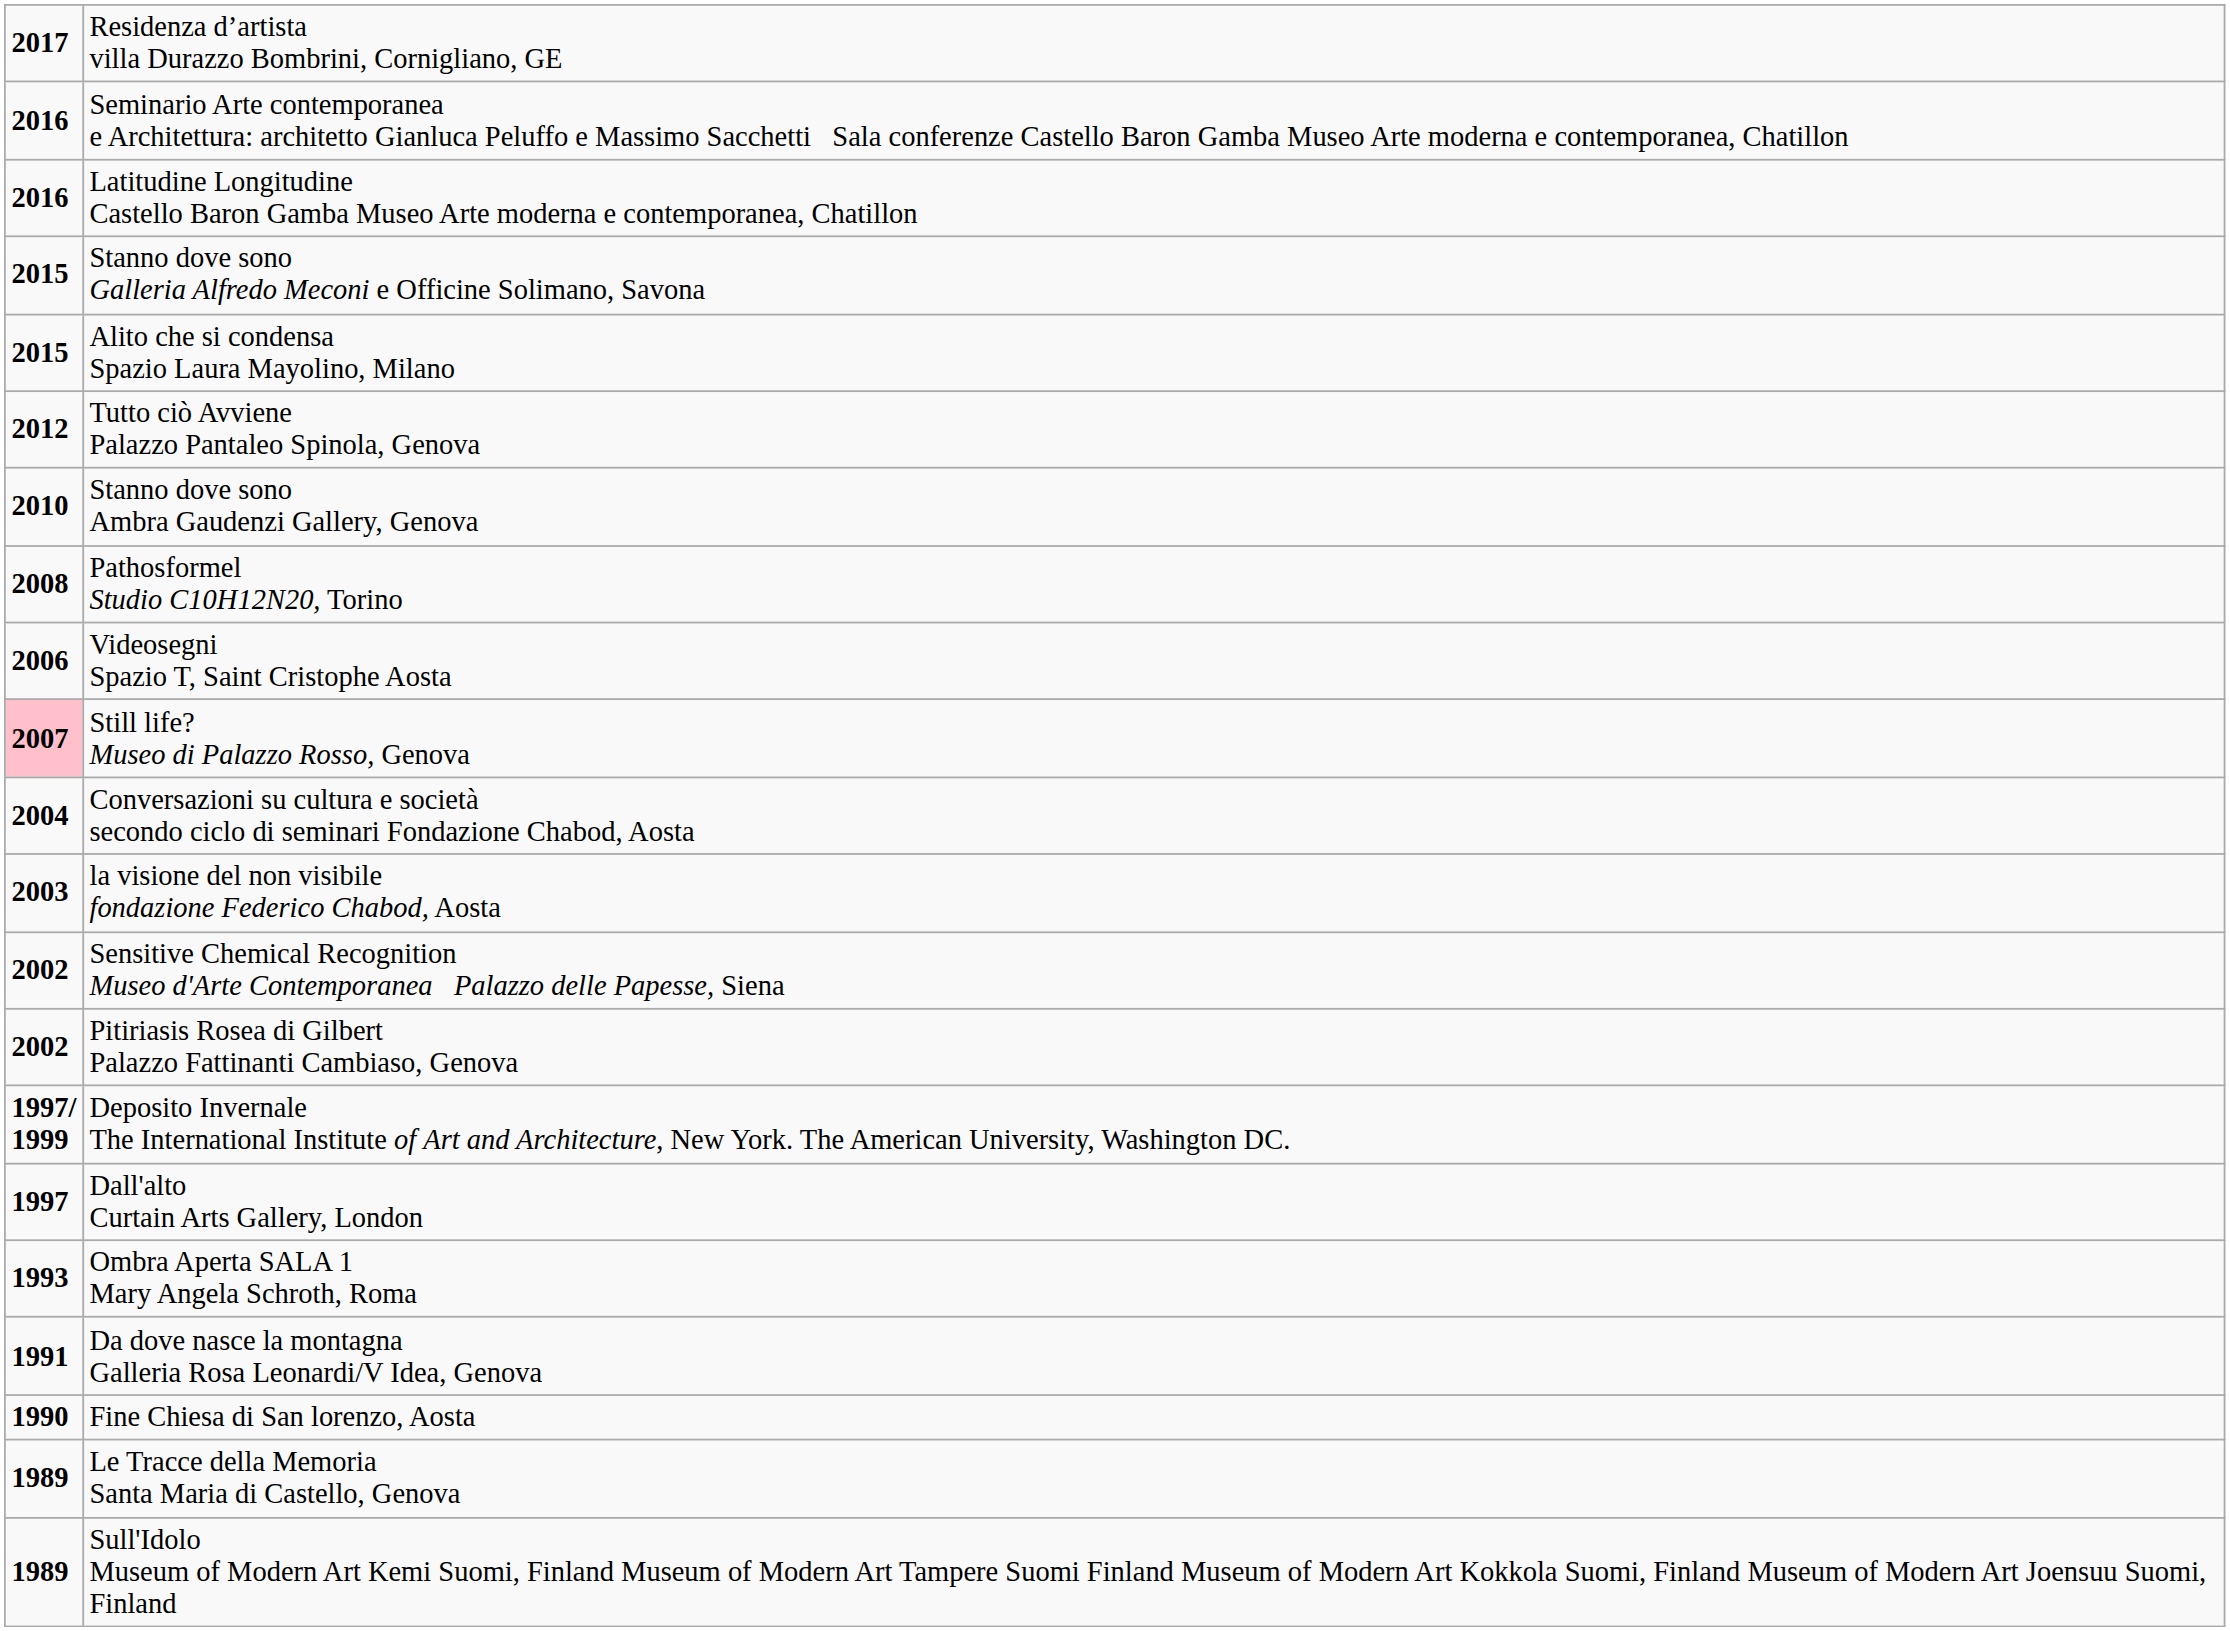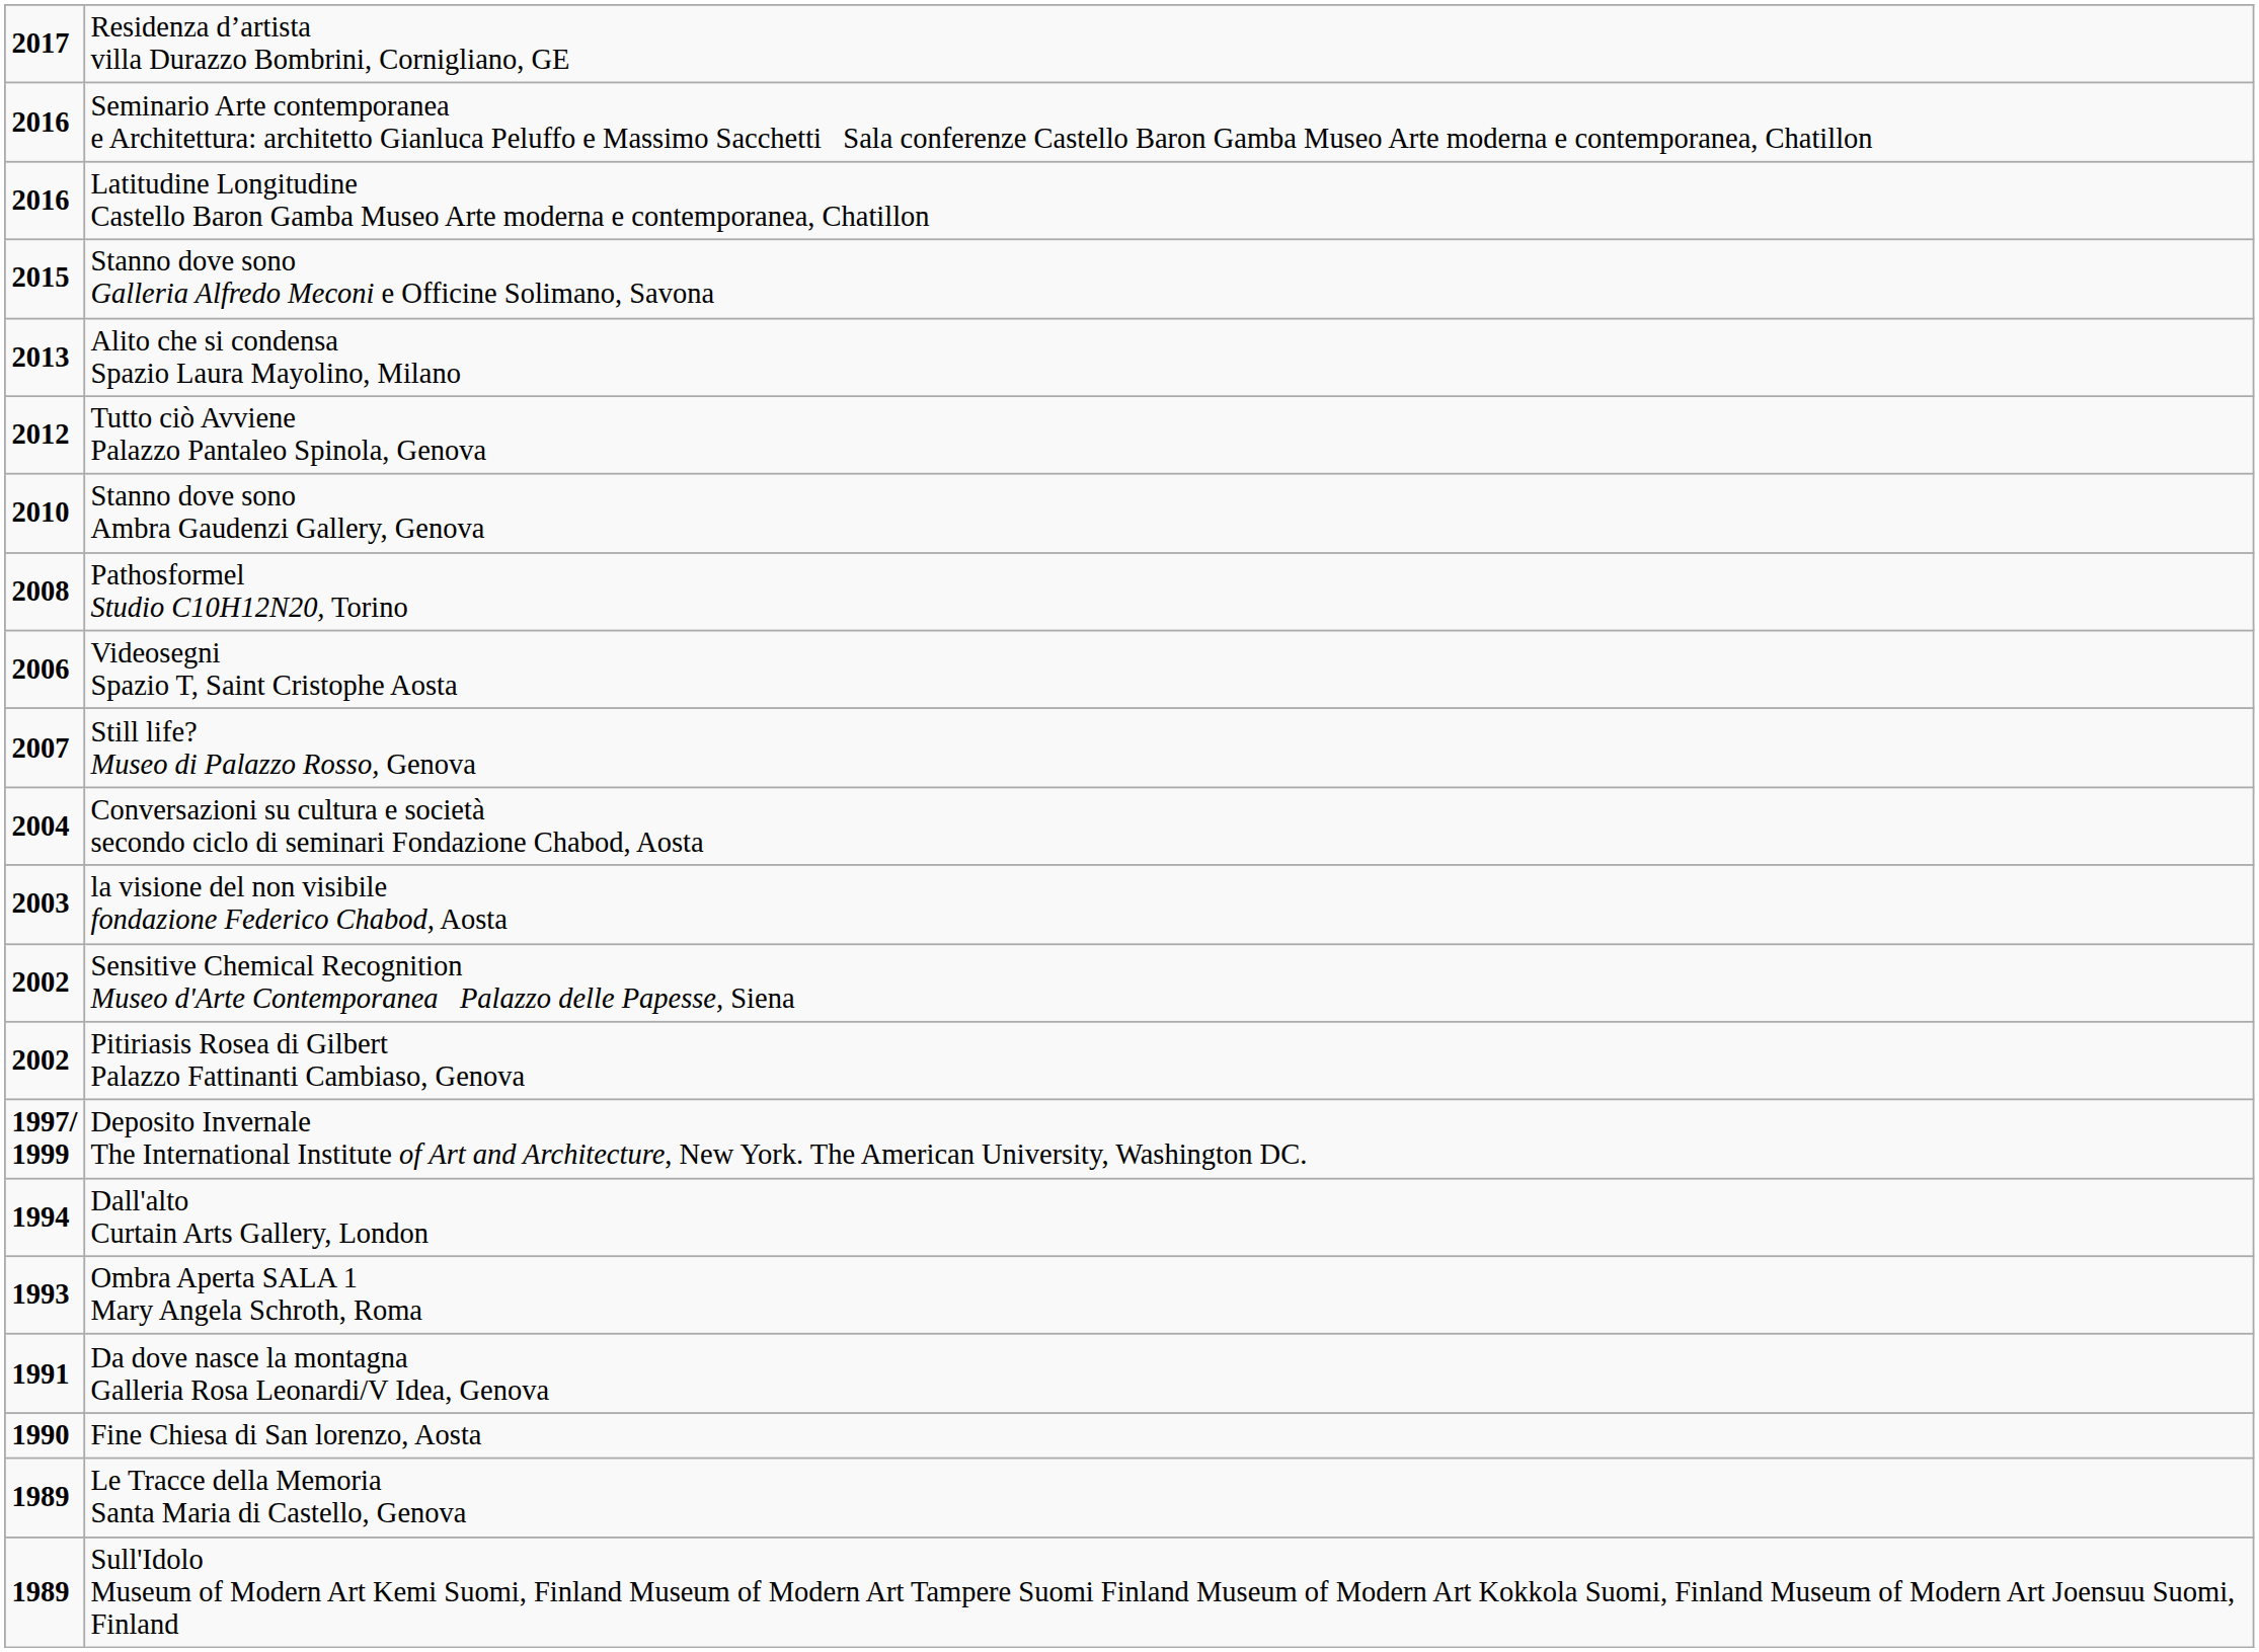 <table class="wikitable">
 <tr>
 <td><strong>2017</strong></td>
 <td>Residenza d’artista<br>villa Durazzo Bombrini, Cornigliano, GE</td>
 </tr>
 <tr>
 <td><strong>2016</strong></td>
 <td>Seminario Arte contemporanea<br>e Architettura: architetto Gianluca Peluffo  e Massimo Sacchetti   Sala conferenze Castello Baron Gamba  Museo Arte moderna e contemporanea,  Chatillon</td>
 </tr>
 <tr>
 <td><strong>2016</strong></td>
 <td>Latitudine Longitudine<br>Castello Baron Gamba  Museo Arte moderna e contemporanea,  Chatillon</td>
 </tr>
 <tr>
 <td><strong>2015</strong></td>
 <td>Stanno dove sono<br><em>Galleria Alfredo Meconi</em>  e Officine Solimano, Savona <br></td>
 </tr>
 <tr>
-<td><strong>2015</strong></td>
+<td><strong>2013</strong></td>
 <td>Alito che si condensa<br>Spazio Laura Mayolino, Milano</td>
 </tr>
 <tr>
 <td><strong>2012</strong></td>
 <td>Tutto ciò Avviene  <br>Palazzo Pantaleo Spinola, Genova</td>
 </tr>
 <tr>
 <td><strong>2010</strong></td>
 <td>Stanno dove sono<br>Ambra Gaudenzi Gallery, Genova</td>
 </tr>
 <tr>
 <td><strong>2008</strong></td>
 <td>Pathosformel<br><em>Studio C10H12N20,</em> Torino</td>
 </tr>
 <tr>
 <td><strong>2006</strong></td>
 <td>Videosegni<br>Spazio T, Saint Cristophe Aosta</td>
 </tr>
 <tr>
-<td style="background: pink;"><strong>2007</strong></td>
+<td><strong>2007</strong></td>
 <td>Still life?<br><em>Museo di Palazzo Rosso,</em> Genova</td>
 </tr>
 <tr>
 <td><strong>2004</strong></td>
 <td>Conversazioni su cultura e società<br>secondo ciclo di seminari  Fondazione Chabod, Aosta <br></td>
 </tr>
 <tr>
 <td><strong>2003</strong></td>
 <td>la visione del non visibile<br><em>fondazione Federico Chabod,</em> Aosta</td>
 </tr>
 <tr>
 <td><strong>2002</strong></td>
 <td>Sensitive Chemical Recognition<br><em>Museo d'Arte Contemporanea</em>   <em>Palazzo delle Papesse,</em> Siena <br></td>
 </tr>
 <tr>
 <td><strong>2002</strong></td>
 <td>Pitiriasis Rosea di Gilbert  <br>Palazzo Fattinanti Cambiaso, Genova</td>
 </tr>
 <tr>
 <td><strong>1997/</strong><br><strong>1999</strong></td>
 <td>Deposito Invernale<br>The International Institute <em>of</em>  <em>Art and Architecture</em>, New York.  The American University, Washington DC.</td>
 </tr>
 <tr>
-<td><strong>1997</strong></td>
+<td><strong>1994</strong></td>
 <td>Dall'alto<br>Curtain Arts Gallery, London</td>
 </tr>
 <tr>
 <td><strong>1993</strong></td>
 <td>Ombra Aperta SALA 1<br>Mary Angela Schroth, Roma</td>
 </tr>
 <tr>
 <td><strong>1991</strong></td>
 <td>Da dove nasce la montagna<br>Galleria Rosa Leonardi/V Idea, Genova</td>
 </tr>
 <tr>
 <td><strong>1990</strong></td>
 <td>Fine Chiesa di San lorenzo, Aosta <br></td>
 </tr>
 <tr>
 <td><strong>1989</strong></td>
 <td>Le Tracce della Memoria<br>Santa Maria di Castello, Genova</td>
 </tr>
 <tr>
 <td><strong>1989</strong></td>
 <td>Sull'Idolo<br>Museum of Modern Art Kemi  Suomi, Finland  Museum of Modern Art Tampere  Suomi Finland  Museum of Modern Art Kokkola  Suomi, Finland  Museum of Modern Art Joensuu  Suomi, Finland <br></td>
 </tr>
 </table>
